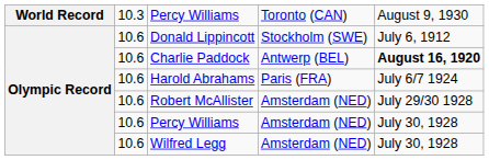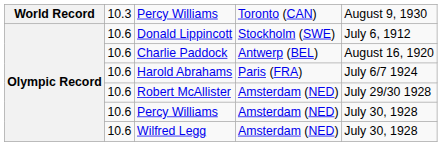 <table class="wikitable">
 <tr>
 <th>World Record</th>
 <td>10.3</td>
 <td> <a href='#'>Percy Williams</a></td>
 <td><a href='#'>Toronto</a> (<a href='#'>CAN</a>)</td>
 <td>August 9, 1930</td>
 </tr>
 <tr>
 <th rowspan=6>Olympic Record</th>
 <td>10.6</td>
 <td> <a href='#'>Donald Lippincott</a></td>
 <td><a href='#'>Stockholm</a> (<a href='#'>SWE</a>)</td>
 <td>July 6, 1912</td>
 </tr>
 <tr>
 <td>10.6</td>
 <td> <a href='#'>Charlie Paddock</a></td>
 <td><a href='#'>Antwerp</a> (<a href='#'>BEL</a>)</td>
-<td><strong>August 16, 1920</strong></td>
+<td>August 16, 1920</td>
 </tr>
 <tr>
 <td>10.6</td>
 <td> <a href='#'>Harold Abrahams</a></td>
 <td><a href='#'>Paris</a> (<a href='#'>FRA</a>)</td>
 <td>July 6/7 1924</td>
 </tr>
 <tr>
 <td>10.6</td>
 <td> <a href='#'>Robert McAllister</a></td>
 <td><a href='#'>Amsterdam</a> (<a href='#'>NED</a>)</td>
 <td>July 29/30 1928</td>
 </tr>
 <tr>
 <td>10.6</td>
 <td> <a href='#'>Percy Williams</a></td>
 <td><a href='#'>Amsterdam</a> (<a href='#'>NED</a>)</td>
 <td>July 30, 1928</td>
 </tr>
 <tr>
 <td>10.6</td>
 <td> <a href='#'>Wilfred Legg</a></td>
 <td><a href='#'>Amsterdam</a> (<a href='#'>NED</a>)</td>
 <td>July 30, 1928</td>
 </tr>
 </table>
